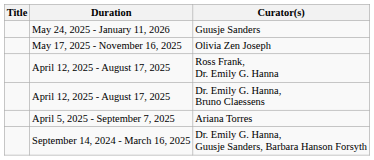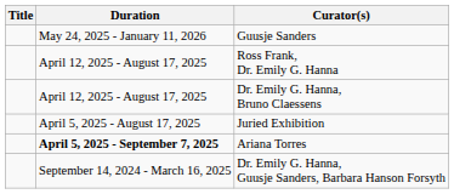 <table class="wikitable">
 <tr>
 <th>Title</th>
 <th>Duration</th>
 <th>Curator(s)</th>
 </tr>
 <tr>
 <td></td>
 <td>May 24, 2025 - January 11, 2026</td>
 <td>Guusje Sanders</td>
 </tr>
 <tr>
 <td></td>
-<td>May 17, 2025 - November 16, 2025</td>
-<td>Olivia Zen Joseph</td>
-</tr>
-<tr>
-<td></td>
 <td>April 12, 2025 - August 17, 2025</td>
 <td>Ross Frank,<br>Dr. Emily G. Hanna</td>
 </tr>
 <tr>
 <td></td>
 <td>April 12, 2025 - August 17, 2025</td>
 <td>Dr. Emily G. Hanna,<br>Bruno Claessens</td>
 </tr>
 <tr>
 <td></td>
-<td>April 5, 2025 - September 7, 2025</td>
+<td>April 5, 2025 - August 17, 2025</td>
+<td>Juried Exhibition</td>
+</tr>
+<tr>
+<td></td>
+<td><strong>April 5, 2025 - September 7, 2025</strong></td>
 <td>Ariana Torres</td>
 </tr>
 <tr>
 <td></td>
 <td>September 14, 2024 - March 16, 2025</td>
 <td>Dr. Emily G. Hanna,<br>Guusje Sanders, Barbara Hanson Forsyth</td>
 </tr>
 </table>
